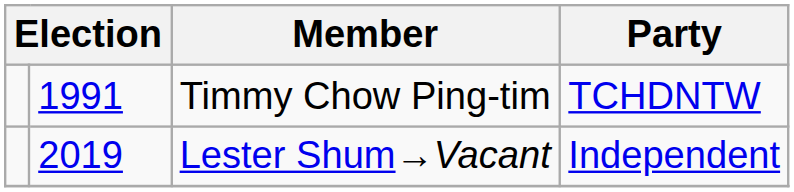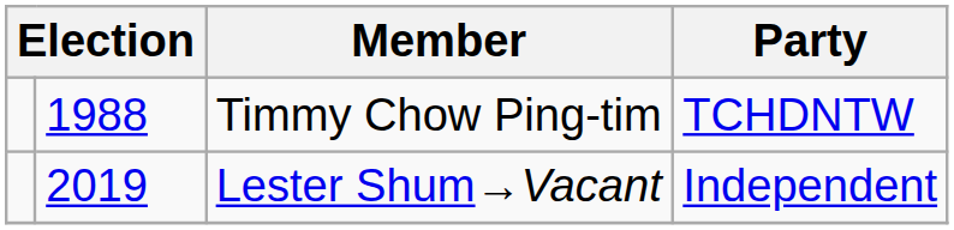 <table class="wikitable">
 <tr>
 <th colspan="2">Election</th>
 <th>Member</th>
 <th>Party</th>
 </tr>
 <tr>
 <td style="background-color:"></td>
-<td><a href='#'>1991</a></td>
+<td><a href='#'>1988</a></td>
 <td>Timmy Chow Ping-tim</td>
 <td><a href='#'>TCHDNTW</a></td>
 </tr>
 <tr>
 <td style="background-color:"></td>
 <td><a href='#'>2019</a></td>
 <td><a href='#'>Lester Shum</a>→<em>Vacant</em></td>
 <td><a href='#'>Independent</a></td>
 </tr>
 <tr>
 </tr>
 </table>
